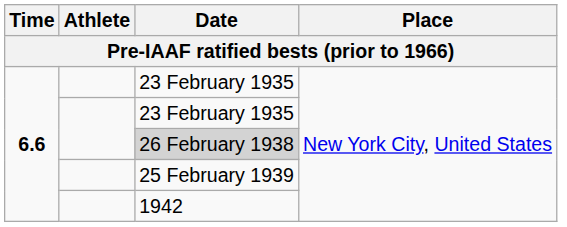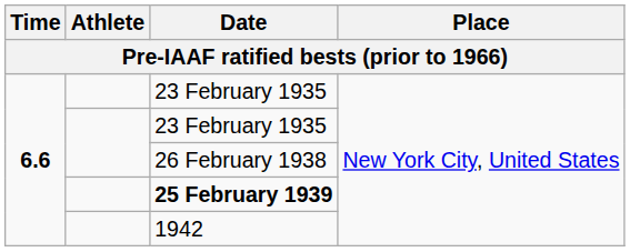 <table class="wikitable sortable" style="font-size:95%">
 <tr>
 <th>Time</th>
 <th>Athlete</th>
 <th>Date</th>
 <th>Place</th>
 </tr>
 <tr>
 <th colspan="5">Pre-IAAF ratified bests (prior to 1966)</th>
 </tr>
 <tr>
 <td rowspan="5" align="center"><strong>6.6</strong></td>
 <td></td>
 <td>23 February 1935</td>
 <td rowspan="5"><a href='#'>New York City</a>, <a href='#'>United States</a></td>
 </tr>
 <tr>
 <td rowspan="2"></td>
 <td>23 February 1935</td>
 </tr>
 <tr>
-<td style="background: lightgrey;">26 February 1938</td>
+<td>26 February 1938</td>
 </tr>
 <tr>
 <td></td>
-<td>25 February 1939</td>
+<td><strong>25 February 1939</strong></td>
 </tr>
 <tr>
 <td></td>
 <td>1942</td>
 </tr>
 </table>
